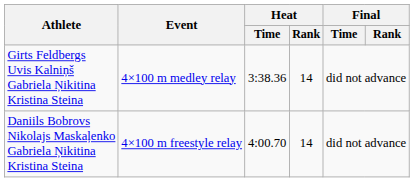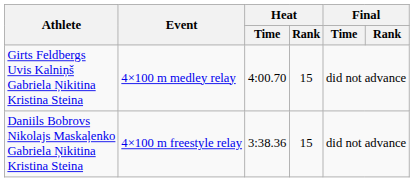 <table class=wikitable style="font-size:90%">
 <tr>
 <th rowspan="2">Athlete</th>
 <th rowspan="2">Event</th>
 <th colspan="2">Heat</th>
 <th colspan="2">Final</th>
 </tr>
 <tr style="font-size:95%">
 <th>Time</th>
 <th>Rank</th>
 <th>Time</th>
 <th>Rank</th>
 </tr>
 <tr align=center>
 <td align=left><a href='#'>Girts Feldbergs</a><br><a href='#'>Uvis Kalniņš</a><br><a href='#'>Gabriela Ņikitina</a><br><a href='#'>Kristina Steina</a></td>
 <td align=left><a href='#'>4×100 m medley relay</a></td>
-<td>3:38.36</td>
-<td>14</td>
+<td>4:00.70</td>
+<td>15</td>
 <td colspan=2>did not advance</td>
 </tr>
 <tr align=center>
 <td align=left><a href='#'>Daniils Bobrovs</a><br><a href='#'>Nikolajs Maskaļenko</a><br><a href='#'>Gabriela Ņikitina</a><br><a href='#'>Kristina Steina</a></td>
 <td align=left><a href='#'>4×100 m freestyle relay</a></td>
-<td>4:00.70</td>
-<td>14</td>
+<td>3:38.36</td>
+<td>15</td>
 <td colspan=2>did not advance</td>
 </tr>
 </table>
